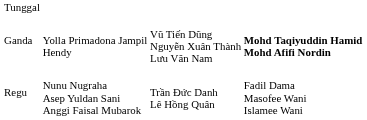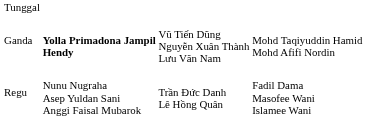 <table>
 <tr>
 <td>Tunggal<br></td>
 <td></td>
 <td></td>
 <td></td>
 </tr>
 <tr>
 <td>Ganda<br></td>
-<td><br>Yolla Primadona Jampil<br>Hendy</td>
+<td><strong><br>Yolla Primadona Jampil<br>Hendy</strong></td>
 <td><br>Vũ Tiến Dũng<br>Nguyễn Xuân Thành<br>Lưu Văn Nam</td>
-<td><strong><br>Mohd Taqiyuddin Hamid<br>Mohd Afifi Nordin</strong></td>
+<td><br>Mohd Taqiyuddin Hamid<br>Mohd Afifi Nordin</td>
 </tr>
 <tr>
 <td>Regu<br></td>
 <td><br>Nunu Nugraha<br>Asep Yuldan Sani<br>Anggi Faisal Mubarok</td>
 <td><br>Trần Đức Danh<br>Lê Hồng Quân</td>
 <td><br>Fadil Dama<br>Masofee Wani<br>Islamee Wani</td>
 </tr>
 </table>
